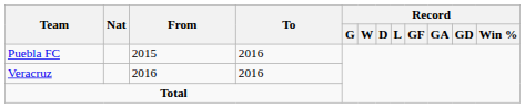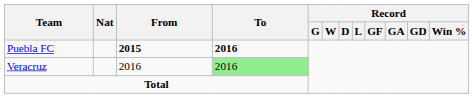 <table class="wikitable" style="text-align: center">
 <tr>
 <th rowspan="2" style="width:120px;">Team</th>
 <th rowspan="2" style="width:10px;">Nat</th>
 <th rowspan="2" style="width:130px;">From</th>
 <th rowspan="2" style="width:130px;">To</th>
 <th colspan="8">Record</th>
 </tr>
 <tr>
 <th>G</th>
 <th>W</th>
 <th>D</th>
 <th>L</th>
 <th>GF</th>
 <th>GA</th>
 <th>GD</th>
 <th>Win %</th>
 </tr>
 <tr>
 <td style="text-align:left;"><a href='#'>Puebla FC</a></td>
 <td></td>
-<td style="text-align:left;">2015</td>
-<td align="left">2016<br></td>
+<td style="text-align:left;"><strong>2015</strong></td>
+<td align="left"><strong>2016<br></strong></td>
 </tr>
 <tr>
 <td style="text-align:left;"><a href='#'>Veracruz</a></td>
 <td></td>
 <td style="text-align:left;">2016</td>
-<td align="left">2016<br></td>
+<td align="left" style="background: lightgreen;">2016<br></td>
 </tr>
 <tr>
 <td colspan="4"><strong>Total</strong><br></td>
 </tr>
 </table>
